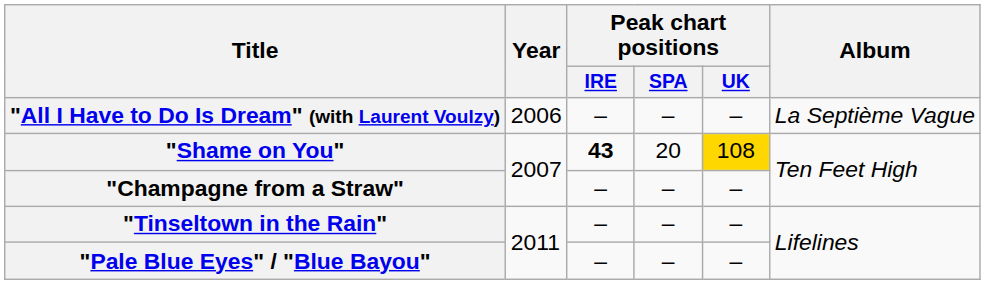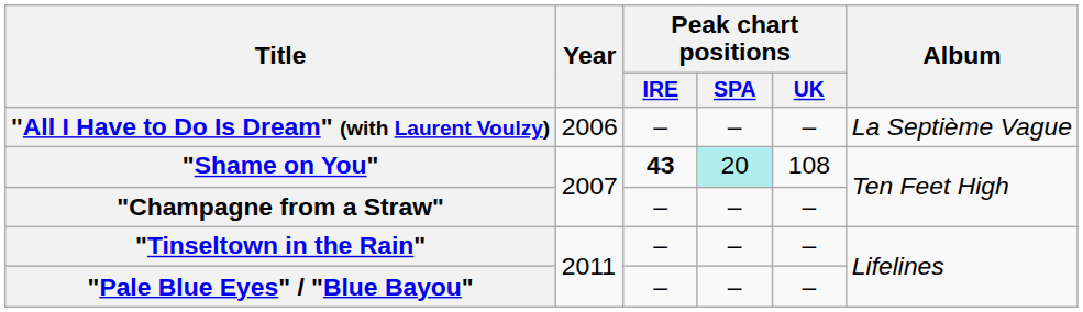 <table class="wikitable plainrowheaders">
 <tr>
 <th scope="col" rowspan="2">Title</th>
 <th scope="col" rowspan="2">Year</th>
 <th scope="col" colspan="3">Peak chart positions</th>
 <th scope="col" rowspan="2">Album</th>
 </tr>
 <tr>
 <th style="width:3em;font-size:85%;"><a href='#'>IRE</a></th>
 <th style="width:3em;font-size:85%;"><a href='#'>SPA</a></th>
 <th style="width:3em;font-size:85%;"><a href='#'>UK</a></th>
 </tr>
 <tr>
 <th scope="row">"<a href='#'>All I Have to Do Is Dream</a>" <small>(with <a href='#'>Laurent Voulzy</a>)</small></th>
 <td>2006</td>
 <td align="center">–</td>
 <td align="center">–</td>
 <td align="center">–</td>
 <td><em>La Septième Vague</em></td>
 </tr>
 <tr>
 <th scope="row">"<a href='#'>Shame on You</a>"</th>
 <td rowspan="2">2007</td>
 <td align="center"><strong>43</strong></td>
-<td align="center">20</td>
-<td align="center" style="background: gold;">108</td>
+<td align="center" style="background: paleturquoise;">20</td>
+<td align="center">108</td>
 <td rowspan="2"><em>Ten Feet High</em></td>
 </tr>
 <tr>
 <th scope="row">"Champagne from a Straw"</th>
 <td align="center">–</td>
 <td align="center">–</td>
 <td align="center">–</td>
 </tr>
 <tr>
 <th scope="row">"<a href='#'>Tinseltown in the Rain</a>"</th>
 <td rowspan="2">2011</td>
 <td align="center">–</td>
 <td align="center">–</td>
 <td align="center">–</td>
 <td rowspan="2"><em>Lifelines</em></td>
 </tr>
 <tr>
 <th scope="row">"<a href='#'>Pale Blue Eyes</a>" / "<a href='#'>Blue Bayou</a>"</th>
 <td align="center">–</td>
 <td align="center">–</td>
 <td align="center">–</td>
 </tr>
 </table>
